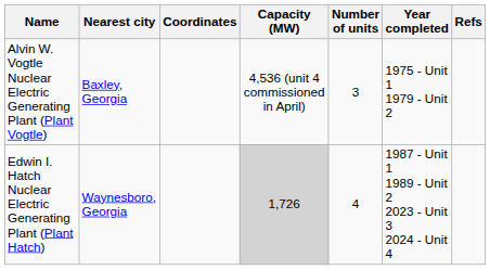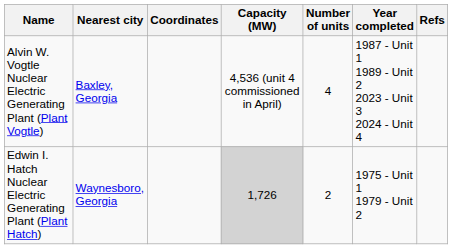 <table class="wikitable sortable">
 <tr>
 <th>Name</th>
 <th>Nearest city</th>
 <th>Coordinates</th>
 <th>Capacity<br>(MW)</th>
 <th>Number<br>of units</th>
 <th>Year<br>completed</th>
 <th>Refs</th>
 </tr>
 <tr>
 <td>Alvin W. Vogtle Nuclear Electric Generating Plant (<a href='#'>Plant Vogtle</a>)</td>
 <td><a href='#'>Baxley, Georgia</a></td>
 <td></td>
 <td align=center>4,536 (unit 4 commissioned in April)</td>
-<td align="center">3</td>
-<td>1975 - Unit 1<br>1979 - Unit 2</td>
+<td align="center">4</td>
+<td>1987 - Unit 1<br>1989 - Unit 2<br>2023 - Unit 3<br> 2024 - Unit 4</td>
 <td></td>
 </tr>
 <tr>
 <td>Edwin I. Hatch Nuclear Electric Generating Plant (<a href='#'>Plant Hatch</a>)</td>
 <td><a href='#'>Waynesboro, Georgia</a></td>
 <td></td>
 <td align=center style="background: lightgrey;">1,726</td>
-<td align=center>4</td>
-<td>1987 - Unit 1<br>1989 - Unit 2<br>2023 - Unit 3<br> 2024 - Unit 4</td>
+<td align=center>2</td>
+<td>1975 - Unit 1<br>1979 - Unit 2</td>
 <td></td>
 </tr>
 </table>
